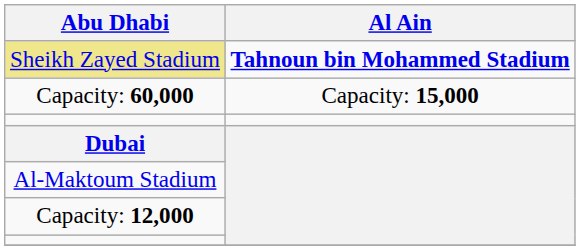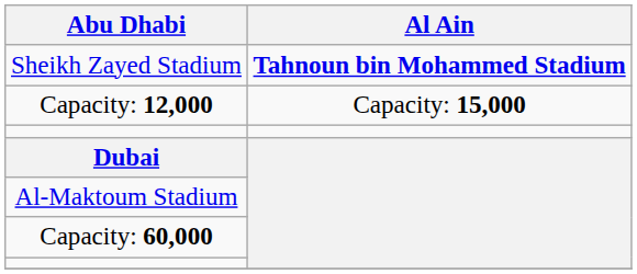 <table class="wikitable" style="text-align:center">
 <tr>
 <th><a href='#'>Abu Dhabi</a></th>
 <th><a href='#'>Al Ain</a></th>
 </tr>
 <tr>
-<td style="background: khaki;"><a href='#'>Sheikh Zayed Stadium</a></td>
+<td><a href='#'>Sheikh Zayed Stadium</a></td>
 <td><strong><a href='#'>Tahnoun bin Mohammed Stadium</a></strong></td>
 </tr>
 <tr>
-<td>Capacity: <strong>60,000</strong></td>
+<td>Capacity: <strong>12,000</strong></td>
 <td>Capacity: <strong>15,000</strong></td>
 </tr>
 <tr>
 <td></td>
 <td></td>
 </tr>
 <tr>
 <th><a href='#'>Dubai</a></th>
 <th rowspan="4"></th>
 </tr>
 <tr>
 <td><a href='#'>Al-Maktoum Stadium</a></td>
 </tr>
 <tr>
-<td>Capacity: <strong>12,000</strong></td>
+<td>Capacity: <strong>60,000</strong></td>
 </tr>
 <tr>
 <td></td>
 </tr>
 <tr>
 </tr>
 </table>
